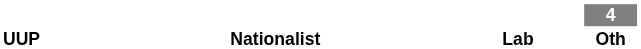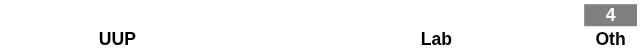 <table style="width:50%; text-align:center;">
 <tr style="color:white;">
 <td style="background:"><strong>37</strong></td>
-<td style="background:"><strong>7</strong></td>
 <td style="background:"><strong>4</strong></td>
 <td style="background:grey; width:7.7%;"><strong>4</strong></td>
 </tr>
 <tr>
 <td><span><strong>UUP</strong></span></td>
-<td><span><strong>Nationalist</strong></span></td>
 <td><span><strong>Lab</strong></span></td>
 <td><span><strong>Oth</strong></span></td>
 </tr>
 </table>
